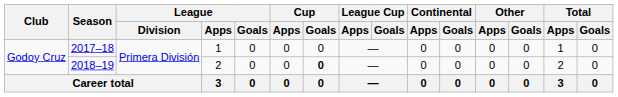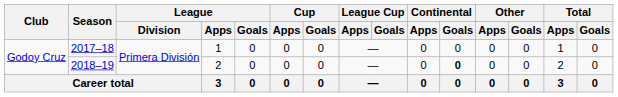 <table class="wikitable" style="text-align:center">
 <tr>
 <th rowspan="2">Club</th>
 <th rowspan="2">Season</th>
 <th colspan="3">League</th>
 <th colspan="2">Cup</th>
 <th colspan="2">League Cup</th>
 <th colspan="2">Continental</th>
 <th colspan="2">Other</th>
 <th colspan="2">Total</th>
 </tr>
 <tr>
 <th>Division</th>
 <th>Apps</th>
 <th>Goals</th>
 <th>Apps</th>
 <th>Goals</th>
 <th>Apps</th>
 <th>Goals</th>
 <th>Apps</th>
 <th>Goals</th>
 <th>Apps</th>
 <th>Goals</th>
 <th>Apps</th>
 <th>Goals</th>
 </tr>
 <tr>
 <td rowspan="2"><a href='#'>Godoy Cruz</a></td>
 <td><a href='#'>2017–18</a></td>
 <td rowspan="2"><a href='#'>Primera División</a></td>
 <td>1</td>
 <td>0</td>
 <td>0</td>
 <td>0</td>
 <td colspan="2">—</td>
 <td>0</td>
 <td>0</td>
 <td>0</td>
 <td>0</td>
 <td>1</td>
 <td>0</td>
 </tr>
 <tr>
 <td><a href='#'>2018–19</a></td>
 <td>2</td>
 <td>0</td>
 <td>0</td>
-<td><strong>0</strong></td>
+<td>0</td>
 <td colspan="2">—</td>
 <td>0</td>
-<td>0</td>
+<td><strong>0</strong></td>
 <td>0</td>
 <td>0</td>
 <td>2</td>
 <td>0</td>
 </tr>
 <tr>
 <th colspan="3">Career total</th>
 <th>3</th>
 <th>0</th>
 <th>0</th>
 <th>0</th>
 <th colspan="2">—</th>
 <th>0</th>
 <th>0</th>
 <th>0</th>
 <th>0</th>
 <th>3</th>
 <th>0</th>
 </tr>
 </table>
